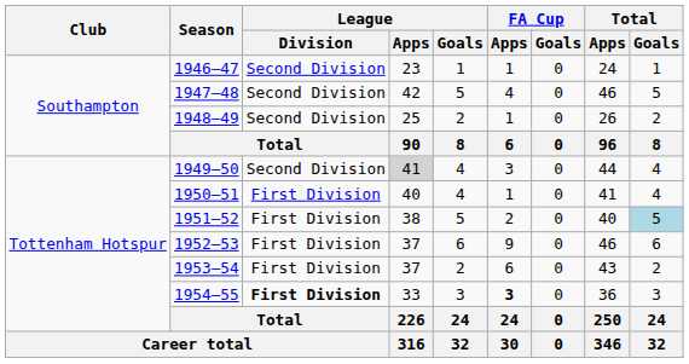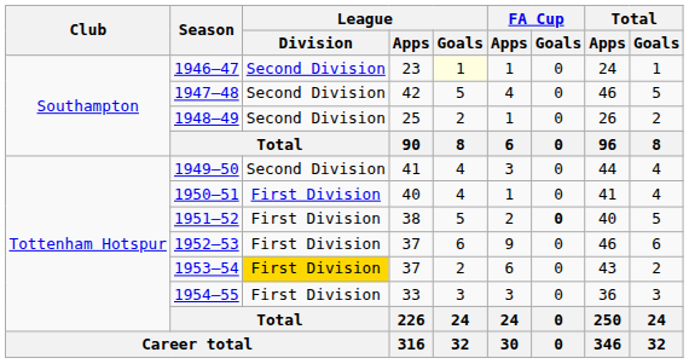 <table class=wikitable style="text-align:center">
 <tr>
 <th rowspan=2>Club</th>
 <th rowspan=2>Season</th>
 <th colspan=3>League</th>
 <th colspan=2><a href='#'>FA Cup</a></th>
 <th colspan=2>Total</th>
 </tr>
 <tr>
 <th>Division</th>
 <th>Apps</th>
 <th>Goals</th>
 <th>Apps</th>
 <th>Goals</th>
 <th>Apps</th>
 <th>Goals</th>
 </tr>
 <tr>
 <td rowspan=4><a href='#'>Southampton</a></td>
 <td><a href='#'>1946–47</a></td>
 <td><a href='#'>Second Division</a></td>
 <td>23</td>
-<td>1</td>
+<td style="background: lightyellow;">1</td>
 <td>1</td>
 <td>0</td>
 <td>24</td>
 <td>1</td>
 </tr>
 <tr>
 <td><a href='#'>1947–48</a></td>
 <td>Second Division</td>
 <td>42</td>
 <td>5</td>
 <td>4</td>
 <td>0</td>
 <td>46</td>
 <td>5</td>
 </tr>
 <tr>
 <td><a href='#'>1948–49</a></td>
 <td>Second Division</td>
 <td>25</td>
 <td>2</td>
 <td>1</td>
 <td>0</td>
 <td>26</td>
 <td>2</td>
 </tr>
 <tr>
 <th colspan="2">Total</th>
 <th>90</th>
 <th>8</th>
 <th>6</th>
 <th>0</th>
 <th>96</th>
 <th>8</th>
 </tr>
 <tr>
 <td rowspan=7><a href='#'>Tottenham Hotspur</a></td>
 <td><a href='#'>1949–50</a></td>
 <td>Second Division</td>
-<td style="background: lightgrey;">41</td>
+<td>41</td>
 <td>4</td>
 <td>3</td>
 <td>0</td>
 <td>44</td>
 <td>4</td>
 </tr>
 <tr>
 <td><a href='#'>1950–51</a></td>
 <td><a href='#'>First Division</a></td>
 <td>40</td>
 <td>4</td>
 <td>1</td>
 <td>0</td>
 <td>41</td>
 <td>4</td>
 </tr>
 <tr>
 <td><a href='#'>1951–52</a></td>
 <td>First Division</td>
 <td>38</td>
 <td>5</td>
 <td>2</td>
-<td>0</td>
+<td><strong>0</strong></td>
 <td>40</td>
-<td style="background: lightblue;">5</td>
+<td>5</td>
 </tr>
 <tr>
 <td><a href='#'>1952–53</a></td>
 <td>First Division</td>
 <td>37</td>
 <td>6</td>
 <td>9</td>
 <td>0</td>
 <td>46</td>
 <td>6</td>
 </tr>
 <tr>
 <td><a href='#'>1953–54</a></td>
-<td>First Division</td>
+<td style="background: gold;">First Division</td>
 <td>37</td>
 <td>2</td>
 <td>6</td>
 <td>0</td>
 <td>43</td>
 <td>2</td>
 </tr>
 <tr>
 <td><a href='#'>1954–55</a></td>
-<td><strong>First Division</strong></td>
+<td>First Division</td>
 <td>33</td>
 <td>3</td>
-<td><strong>3</strong></td>
+<td>3</td>
 <td>0</td>
 <td>36</td>
 <td>3</td>
 </tr>
 <tr>
 <th colspan=2>Total</th>
 <th>226</th>
 <th>24</th>
 <th>24</th>
 <th>0</th>
 <th>250</th>
 <th>24</th>
 </tr>
 <tr>
 <th colspan=3>Career total</th>
 <th>316</th>
 <th>32</th>
 <th>30</th>
 <th>0</th>
 <th>346</th>
 <th>32</th>
 </tr>
 </table>
